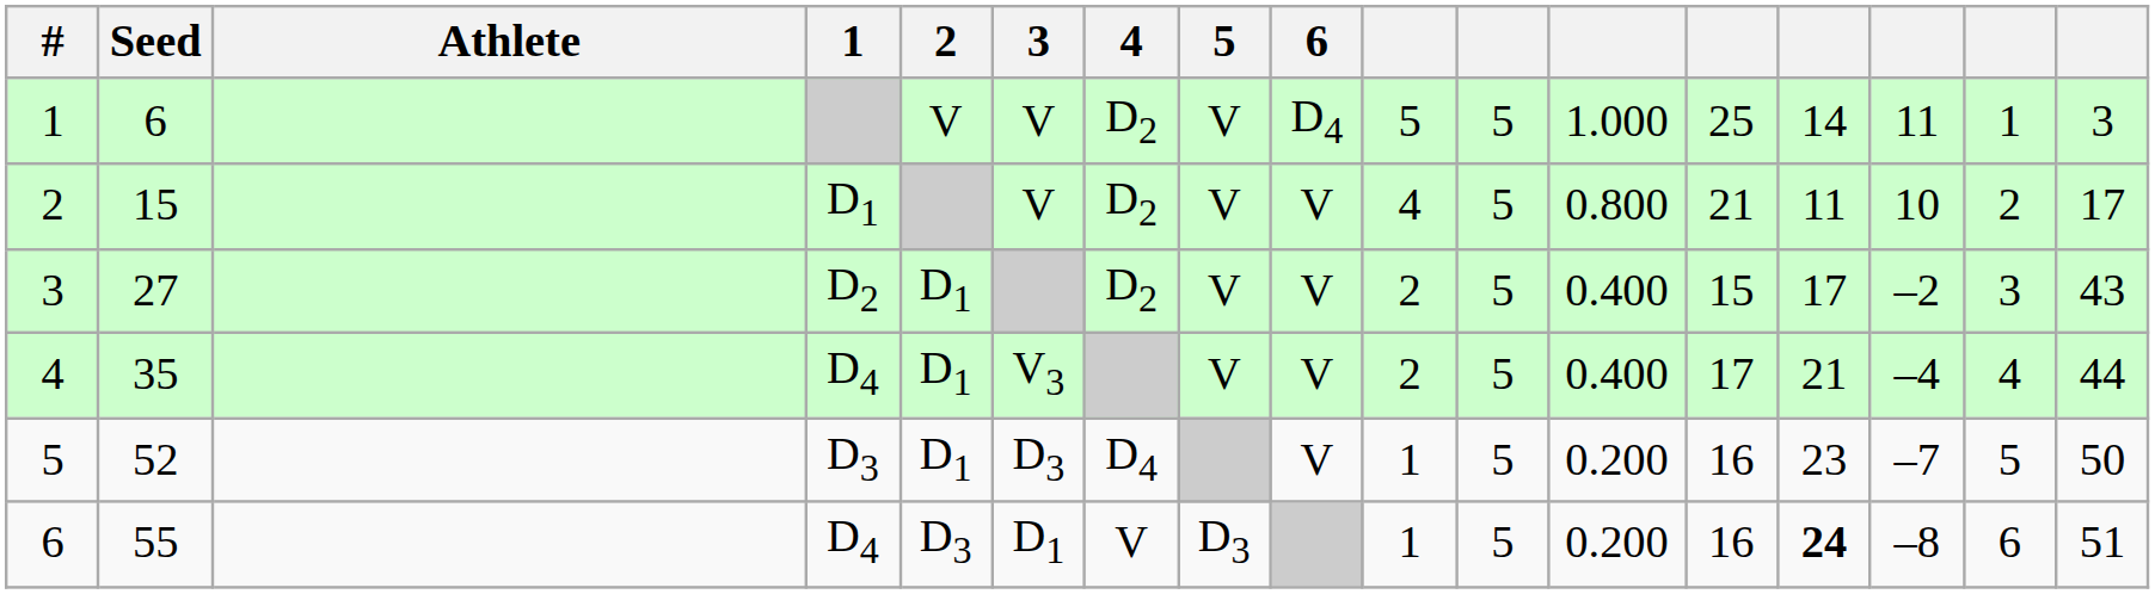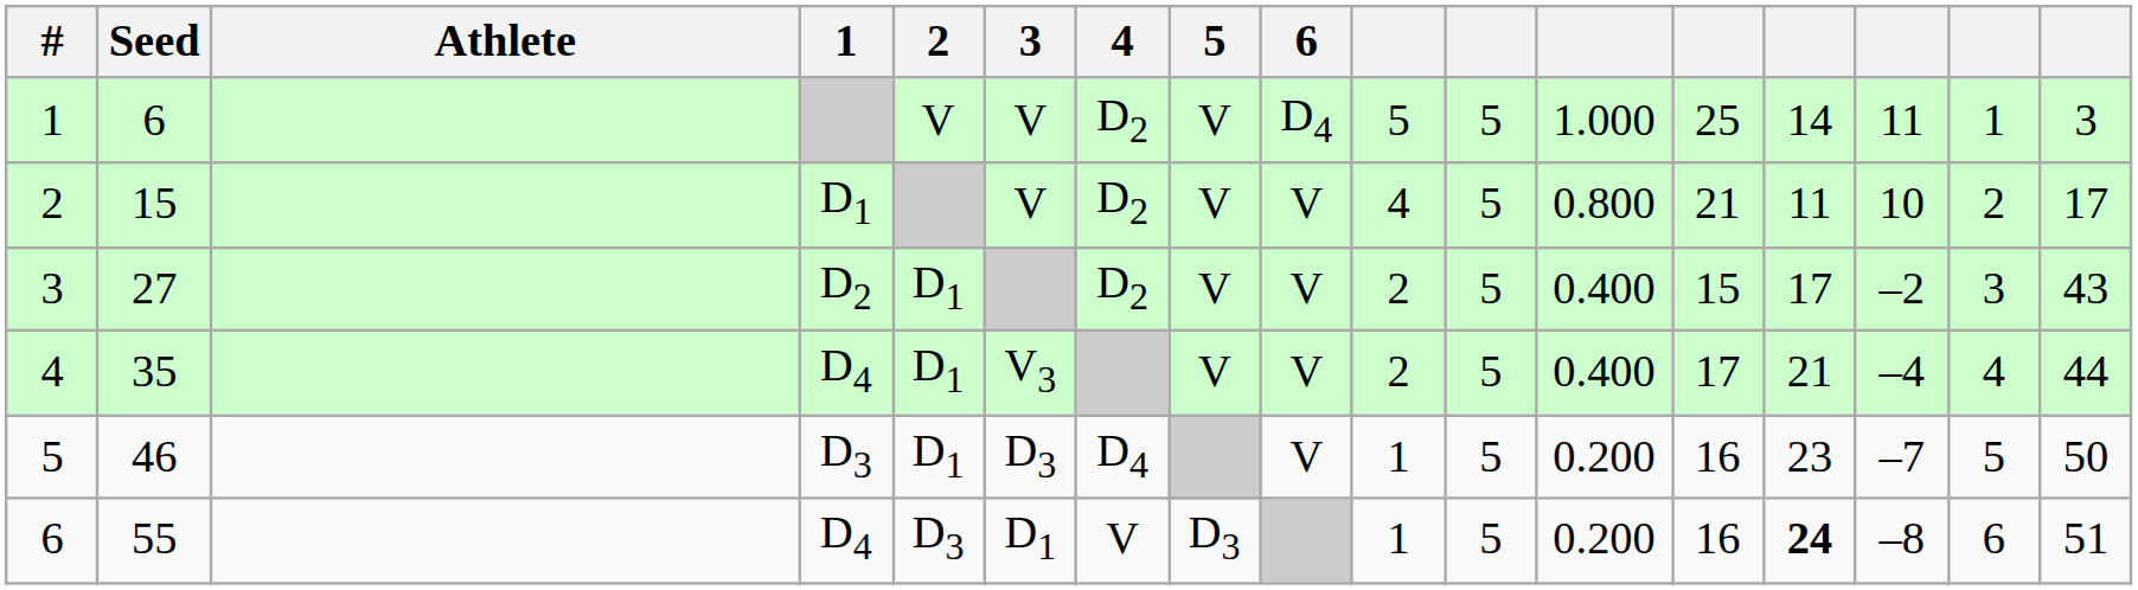 <table class="wikitable" style="text-align:center">
 <tr>
 <th width="25">#</th>
 <th width="25">Seed</th>
 <th width="200">Athlete</th>
 <th width="25">1</th>
 <th width="25">2</th>
 <th width="25">3</th>
 <th width="25">4</th>
 <th width="25">5</th>
 <th width="25">6</th>
 <th width="25"></th>
 <th width="25"></th>
 <th width="40"></th>
 <th width="25"></th>
 <th width="25"></th>
 <th width="25"></th>
 <th width="25"></th>
 <th width="25"></th>
 </tr>
 <tr bgcolor="#ccffcc">
 <td>1</td>
 <td>6</td>
 <td align=left></td>
 <td bgcolor="#cccccc"></td>
 <td>V</td>
 <td>V</td>
 <td>D<sub>2</sub></td>
 <td>V</td>
 <td>D<sub>4</sub></td>
 <td>5</td>
 <td>5</td>
 <td>1.000</td>
 <td>25</td>
 <td>14</td>
 <td>11</td>
 <td>1</td>
 <td>3</td>
 </tr>
 <tr bgcolor="#ccffcc">
 <td>2</td>
 <td>15</td>
 <td align=left></td>
 <td>D<sub>1</sub></td>
 <td bgcolor="#cccccc"></td>
 <td>V</td>
 <td>D<sub>2</sub></td>
 <td>V</td>
 <td>V</td>
 <td>4</td>
 <td>5</td>
 <td>0.800</td>
 <td>21</td>
 <td>11</td>
 <td>10</td>
 <td>2</td>
 <td>17</td>
 </tr>
 <tr bgcolor="#ccffcc">
 <td>3</td>
 <td>27</td>
 <td align=left></td>
 <td>D<sub>2</sub></td>
 <td>D<sub>1</sub></td>
 <td bgcolor="#cccccc"></td>
 <td>D<sub>2</sub></td>
 <td>V</td>
 <td>V</td>
 <td>2</td>
 <td>5</td>
 <td>0.400</td>
 <td>15</td>
 <td>17</td>
 <td>–2</td>
 <td>3</td>
 <td>43</td>
 </tr>
 <tr bgcolor="#ccffcc">
 <td>4</td>
 <td>35</td>
 <td align=left></td>
 <td>D<sub>4</sub></td>
 <td>D<sub>1</sub></td>
 <td>V<sub>3</sub></td>
 <td bgcolor="#cccccc"></td>
 <td>V</td>
 <td>V</td>
 <td>2</td>
 <td>5</td>
 <td>0.400</td>
 <td>17</td>
 <td>21</td>
 <td>–4</td>
 <td>4</td>
 <td>44</td>
 </tr>
 <tr>
 <td>5</td>
-<td>52</td>
+<td>46</td>
 <td align=left></td>
 <td>D<sub>3</sub></td>
 <td>D<sub>1</sub></td>
 <td>D<sub>3</sub></td>
 <td>D<sub>4</sub></td>
 <td bgcolor="#cccccc"></td>
 <td>V</td>
 <td>1</td>
 <td>5</td>
 <td>0.200</td>
 <td>16</td>
 <td>23</td>
 <td>–7</td>
 <td>5</td>
 <td>50</td>
 </tr>
 <tr>
 <td>6</td>
 <td>55</td>
 <td align=left></td>
 <td>D<sub>4</sub></td>
 <td>D<sub>3</sub></td>
 <td>D<sub>1</sub></td>
 <td>V</td>
 <td>D<sub>3</sub></td>
 <td bgcolor="#cccccc"></td>
 <td>1</td>
 <td>5</td>
 <td>0.200</td>
 <td>16</td>
 <td><strong>24</strong></td>
 <td>–8</td>
 <td>6</td>
 <td>51</td>
 </tr>
 </table>
